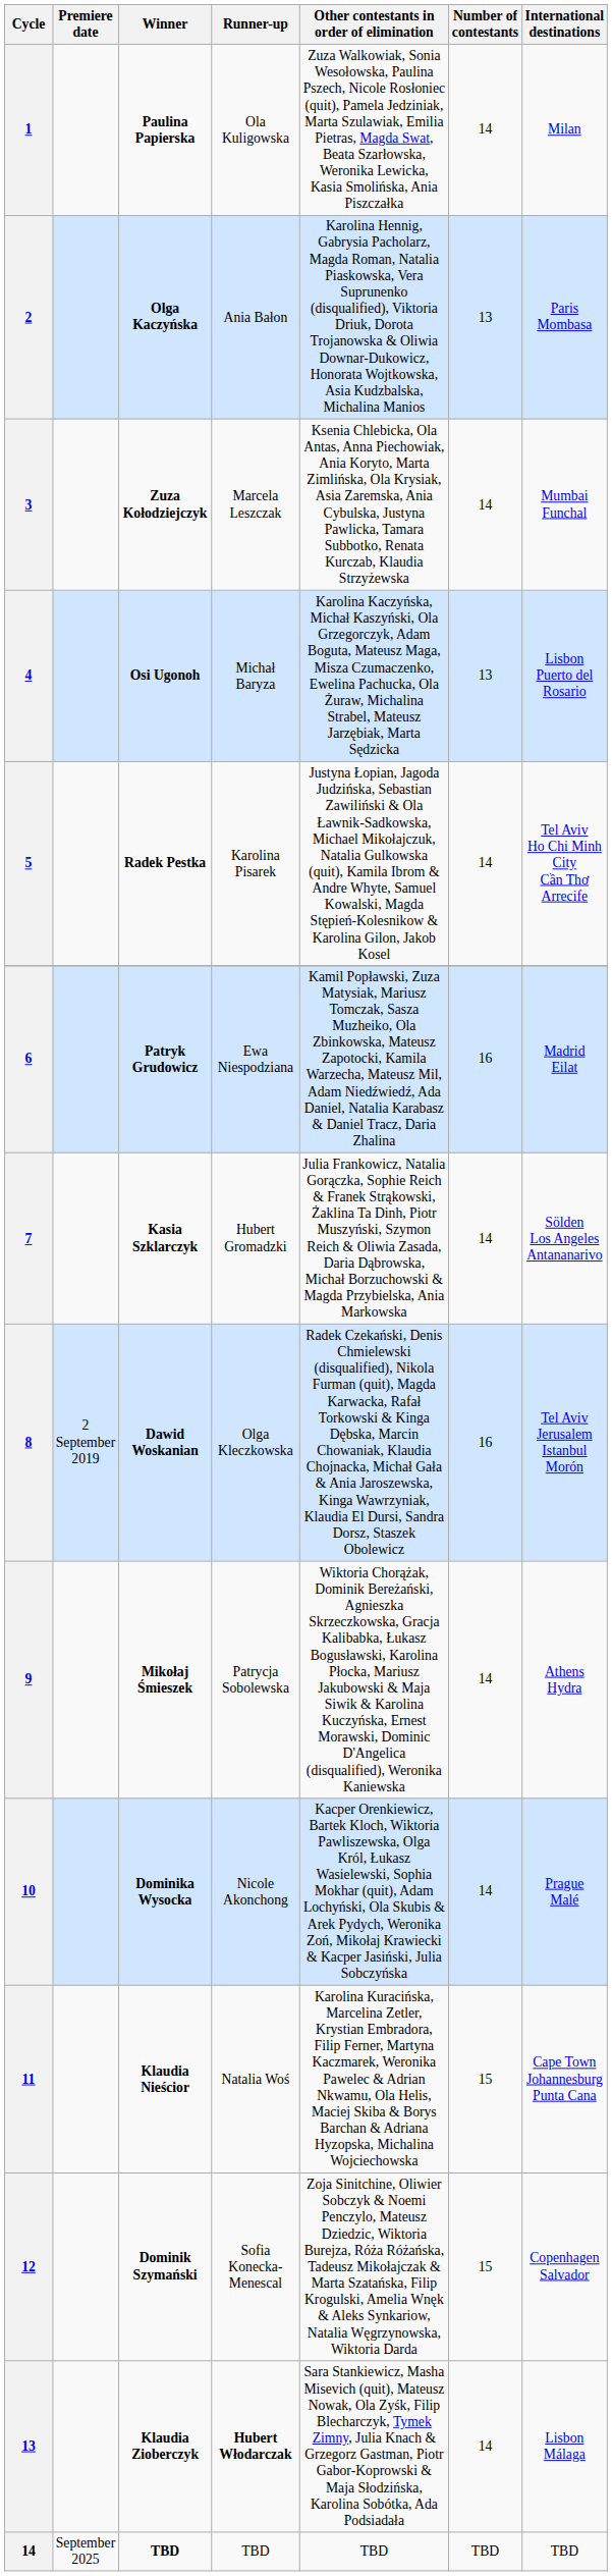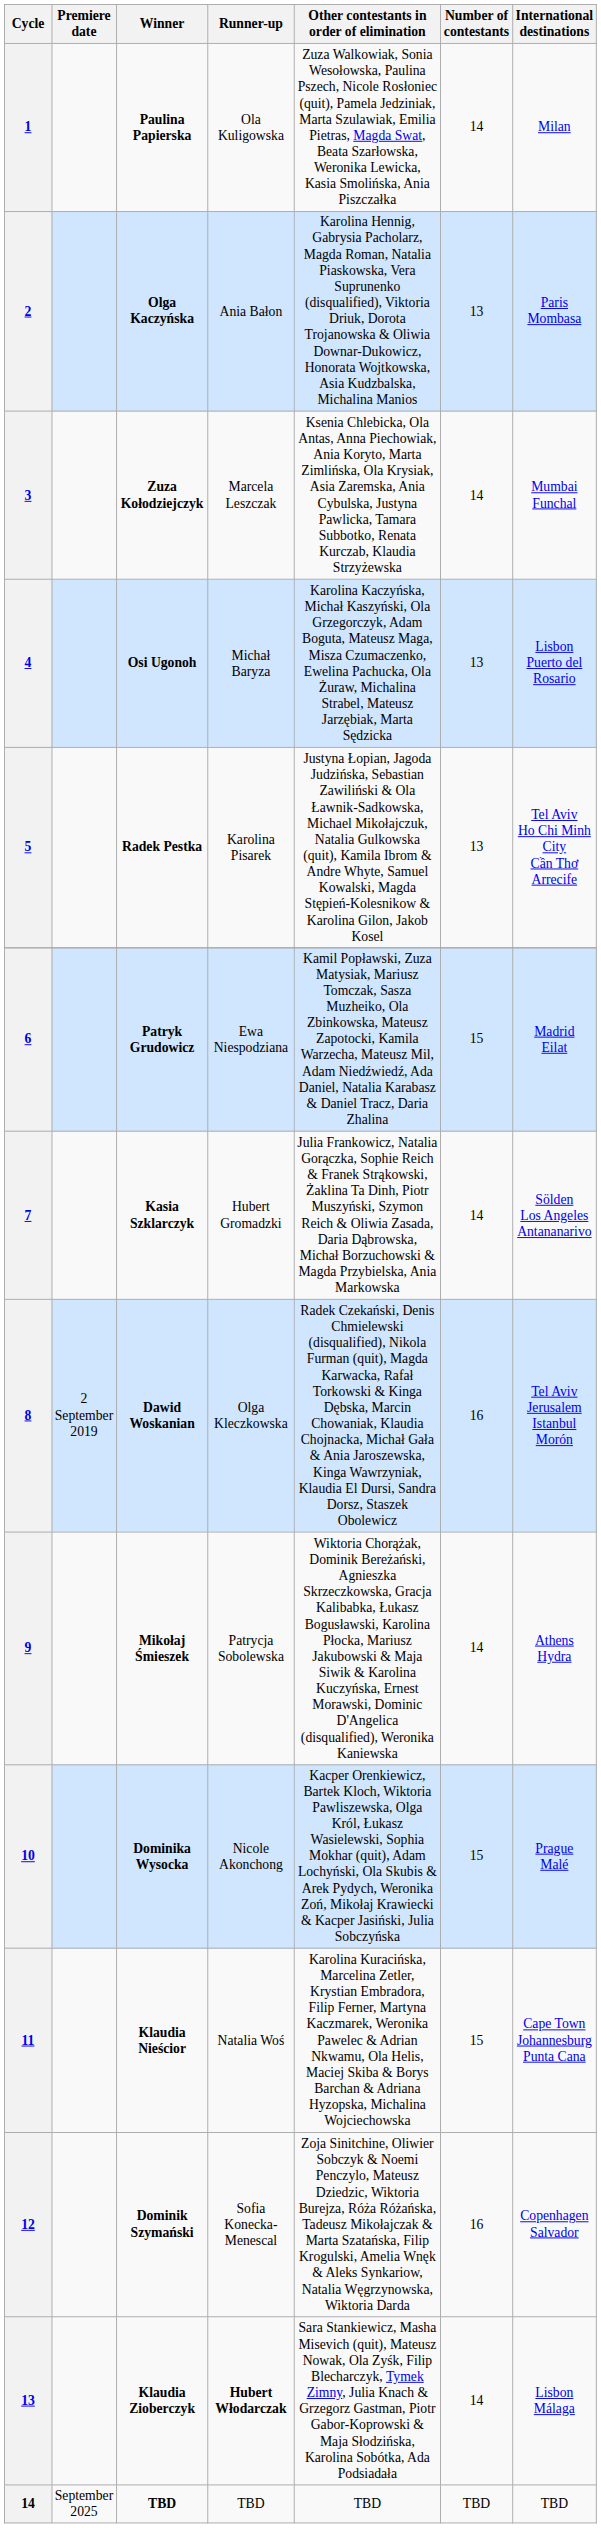 <table class="wikitable" style="font-size:90%; width:100%; text-align: center;">
 <tr>
 <th style="width:10%;">Cycle</th>
 <th style="width:08%;">Premiere date</th>
 <th style="width:16%;">Winner</th>
 <th style="width:16%;">Runner-up</th>
 <th style="width:38%;">Other contestants in order of elimination</th>
 <th style="width:06%;">Number of contestants</th>
 <th style="width:08%;">International destinations</th>
 </tr>
 <tr>
 <th><a href='#'>1</a></th>
 <td></td>
 <td><strong>Paulina Papierska</strong></td>
 <td>Ola Kuligowska</td>
 <td>Zuza Walkowiak, Sonia Wesołowska, Paulina Pszech, Nicole Rosłoniec (quit), Pamela Jedziniak, Marta Szulawiak, Emilia Pietras, <a href='#'>Magda Swat</a>, Beata Szarłowska, Weronika Lewicka, Kasia Smolińska, Ania Piszczałka</td>
 <td>14</td>
 <td><a href='#'>Milan</a></td>
 </tr>
 <tr style="background: #D0E6FF;">
 <th><a href='#'>2</a></th>
 <td></td>
 <td><strong>Olga Kaczyńska</strong></td>
 <td>Ania Bałon</td>
 <td>Karolina Hennig, Gabrysia Pacholarz, Magda Roman, Natalia Piaskowska, Vera Suprunenko (disqualified), Viktoria Driuk, Dorota Trojanowska & Oliwia Downar-Dukowicz, Honorata Wojtkowska, Asia Kudzbalska, Michalina Manios</td>
 <td>13</td>
 <td><a href='#'>Paris</a><br><a href='#'>Mombasa</a></td>
 </tr>
 <tr style="background:">
 <th><a href='#'>3</a></th>
 <td></td>
 <td><strong>Zuza Kołodziejczyk</strong></td>
 <td>Marcela Leszczak</td>
 <td>Ksenia Chlebicka, Ola Antas, Anna Piechowiak, Ania Koryto, Marta Zimlińska, Ola Krysiak, Asia Zaremska, Ania Cybulska, Justyna Pawlicka, Tamara Subbotko, Renata Kurczab, Klaudia Strzyżewska</td>
 <td>14</td>
 <td><a href='#'>Mumbai</a><br><a href='#'>Funchal</a></td>
 </tr>
 <tr style="background: #D0E6FF;">
 <th><a href='#'>4</a></th>
 <td></td>
 <td><strong>Osi Ugonoh</strong></td>
 <td>Michał Baryza</td>
 <td>Karolina Kaczyńska, Michał Kaszyński, Ola Grzegorczyk, Adam Boguta, Mateusz Maga, Misza Czumaczenko, Ewelina Pachucka, Ola Żuraw, Michalina Strabel, Mateusz Jarzębiak, Marta Sędzicka</td>
 <td>13</td>
 <td><a href='#'>Lisbon</a><br><a href='#'>Puerto del Rosario</a></td>
 </tr>
 <tr>
 <th><a href='#'>5</a></th>
 <td></td>
 <td><strong>Radek Pestka</strong></td>
 <td>Karolina Pisarek</td>
 <td>Justyna Łopian, Jagoda Judzińska, Sebastian Zawiliński & Ola Ławnik-Sadkowska, Michael Mikołajczuk, Natalia Gulkowska (quit), Kamila Ibrom & Andre Whyte, Samuel Kowalski, Magda Stępień-Kolesnikow & Karolina Gilon, Jakob Kosel</td>
-<td>14</td>
+<td>13</td>
 <td><a href='#'>Tel Aviv</a><br><a href='#'>Ho Chi Minh City</a><br><a href='#'>Cần Thơ</a><br><a href='#'>Arrecife</a></td>
 </tr>
 <tr>
 </tr>
 <tr style="background: #D0E6FF;">
 <th><a href='#'>6</a></th>
 <td></td>
 <td><strong>Patryk Grudowicz</strong></td>
 <td>Ewa Niespodziana</td>
 <td>Kamil Popławski, Zuza Matysiak, Mariusz Tomczak, Sasza Muzheiko, Ola Zbinkowska, Mateusz Zapotocki, Kamila Warzecha, Mateusz Mil, Adam Niedźwiedź, Ada Daniel, Natalia Karabasz & Daniel Tracz, Daria Zhalina</td>
-<td>16</td>
+<td>15</td>
 <td><a href='#'>Madrid</a><br><a href='#'>Eilat</a></td>
 </tr>
 <tr>
 <th><a href='#'>7</a></th>
 <td></td>
 <td><strong>Kasia Szklarczyk</strong></td>
 <td>Hubert Gromadzki</td>
 <td>Julia Frankowicz, Natalia Gorączka, Sophie Reich & Franek Strąkowski, Żaklina Ta Dinh, Piotr Muszyński, Szymon Reich & Oliwia Zasada, Daria Dąbrowska, Michał Borzuchowski & Magda Przybielska, Ania Markowska</td>
 <td>14</td>
 <td><a href='#'>Sölden</a><br><a href='#'>Los Angeles</a><br><a href='#'>Antananarivo</a></td>
 </tr>
 <tr style="background: #D0E6FF;">
 <th><a href='#'>8</a></th>
 <td>2 September 2019</td>
 <td><strong>Dawid Woskanian</strong></td>
 <td>Olga Kleczkowska</td>
 <td>Radek Czekański, Denis Chmielewski (disqualified), Nikola Furman (quit), Magda Karwacka, Rafał Torkowski & Kinga Dębska, Marcin Chowaniak, Klaudia Chojnacka, Michał Gała & Ania Jaroszewska, Kinga Wawrzyniak, Klaudia El Dursi, Sandra Dorsz, Staszek Obolewicz</td>
 <td>16</td>
 <td><a href='#'>Tel Aviv</a><br><a href='#'>Jerusalem</a><br><a href='#'>Istanbul</a><br><a href='#'>Morón</a></td>
 </tr>
 <tr>
 <th><a href='#'>9</a></th>
 <td></td>
 <td><strong>Mikołaj Śmieszek</strong></td>
 <td>Patrycja Sobolewska</td>
 <td>Wiktoria Chorążak, Dominik Bereżański, Agnieszka Skrzeczkowska, Gracja Kalibabka, Łukasz Bogusławski, Karolina Płocka, Mariusz Jakubowski & Maja Siwik & Karolina Kuczyńska, Ernest Morawski, Dominic D'Angelica (disqualified), Weronika Kaniewska</td>
 <td>14</td>
 <td><a href='#'>Athens</a><br><a href='#'>Hydra</a></td>
 </tr>
 <tr style="background: #D0E6FF;">
 <th><a href='#'>10</a></th>
 <td></td>
 <td><strong>Dominika Wysocka</strong></td>
 <td>Nicole Akonchong</td>
 <td>Kacper Orenkiewicz, Bartek Kloch, Wiktoria Pawliszewska, Olga Król, Łukasz Wasielewski, Sophia Mokhar (quit), Adam Lochyński, Ola Skubis & Arek Pydych, Weronika Zoń, Mikołaj Krawiecki & Kacper Jasiński, Julia Sobczyńska</td>
-<td>14</td>
+<td>15</td>
 <td><a href='#'>Prague</a><br><a href='#'>Malé</a></td>
 </tr>
 <tr>
 <th><a href='#'>11</a></th>
 <td></td>
 <td><strong>Klaudia Nieścior</strong></td>
 <td>Natalia Woś</td>
 <td>Karolina Kuracińska, Marcelina Zetler, Krystian Embradora, Filip Ferner, Martyna Kaczmarek, Weronika Pawelec & Adrian Nkwamu, Ola Helis, Maciej Skiba & Borys Barchan & Adriana Hyzopska, Michalina Wojciechowska</td>
 <td>15</td>
 <td><a href='#'>Cape Town</a><br><a href='#'>Johannesburg</a><br><a href='#'>Punta Cana</a></td>
 </tr>
 <tr -style="background: #D0E6FF;">
 <th><a href='#'>12</a></th>
 <td></td>
 <td><strong>Dominik Szymański</strong></td>
 <td>Sofia Konecka-Menescal</td>
 <td>Zoja Sinitchine, Oliwier Sobczyk & Noemi Penczylo, Mateusz Dziedzic, Wiktoria Burejza, Róża Różańska, Tadeusz Mikołajczak & Marta Szatańska, Filip Krogulski, Amelia Wnęk & Aleks Synkariow, Natalia Węgrzynowska, Wiktoria Darda</td>
-<td>15</td>
+<td>16</td>
 <td><a href='#'>Copenhagen</a><br><a href='#'>Salvador</a></td>
 </tr>
 <tr>
 <th><a href='#'>13</a></th>
 <td></td>
 <td><strong>Klaudia Zioberczyk</strong></td>
 <td><strong>Hubert Włodarczak</strong></td>
 <td>Sara Stankiewicz, Masha Misevich (quit), Mateusz Nowak, Ola Zyśk, Filip Blecharczyk, <a href='#'>Tymek Zimny</a>, Julia Knach & Grzegorz Gastman, Piotr Gabor-Koprowski & Maja Słodzińska, Karolina Sobótka, Ada Podsiadała</td>
 <td>14</td>
 <td><a href='#'>Lisbon</a><br><a href='#'>Málaga</a></td>
 </tr>
 <tr>
 <th Top Model (Polish season 14)>14</th>
 <td>September 2025</td>
 <td><strong>TBD</strong></td>
 <td>TBD</td>
 <td>TBD</td>
 <td>TBD</td>
 <td>TBD</td>
 </tr>
 </table>
